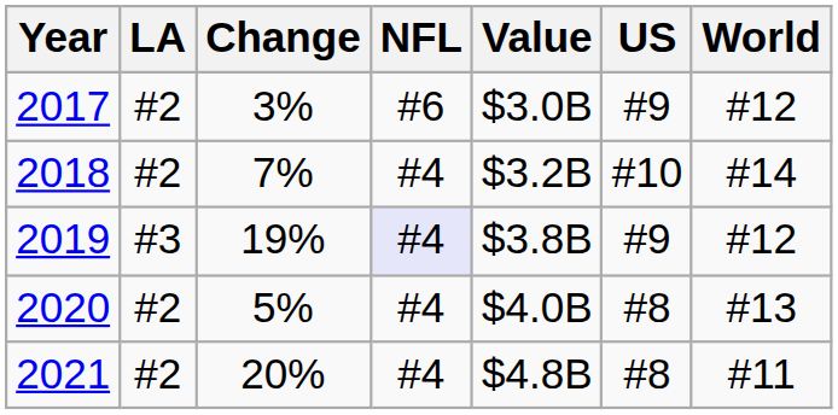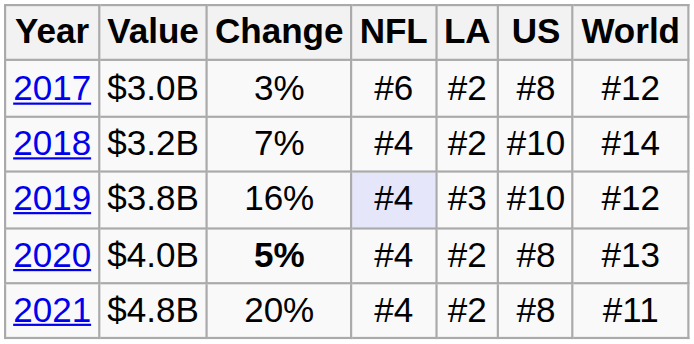 <table class="wikitable" style="text-align:center">
 <tr>
 <th>Year</th>
-<th>LA</th>
+<th>Value</th>
 <th>Change</th>
 <th>NFL</th>
-<th>Value</th>
+<th>LA</th>
 <th>US</th>
 <th>World</th>
 </tr>
 <tr>
 <td><a href='#'>2017</a></td>
-<td>#2</td>
+<td>$3.0B</td>
 <td> 3%</td>
 <td>#6</td>
-<td>$3.0B</td>
-<td>#9</td>
+<td>#2</td>
+<td>#8</td>
 <td>#12</td>
 </tr>
 <tr>
 <td><a href='#'>2018</a></td>
-<td>#2</td>
+<td>$3.2B</td>
 <td> 7%</td>
 <td>#4</td>
-<td>$3.2B</td>
+<td>#2</td>
 <td>#10</td>
 <td>#14</td>
 </tr>
 <tr>
 <td><a href='#'>2019</a></td>
+<td>$3.8B</td>
+<td> 16%</td>
+<td style="background: lavender;">#4</td>
 <td>#3</td>
-<td> 19%</td>
-<td style="background: lavender;">#4</td>
-<td>$3.8B</td>
-<td>#9</td>
+<td>#10</td>
 <td>#12</td>
 </tr>
 <tr>
 <td><a href='#'>2020</a></td>
+<td>$4.0B</td>
+<td><strong> 5%</strong></td>
+<td>#4</td>
 <td>#2</td>
-<td> 5%</td>
-<td>#4</td>
-<td>$4.0B</td>
 <td>#8</td>
 <td>#13</td>
 </tr>
 <tr>
 <td><a href='#'>2021</a></td>
-<td>#2</td>
+<td>$4.8B</td>
 <td> 20%</td>
 <td>#4</td>
-<td>$4.8B</td>
+<td>#2</td>
 <td>#8</td>
 <td>#11</td>
 </tr>
 </table>
